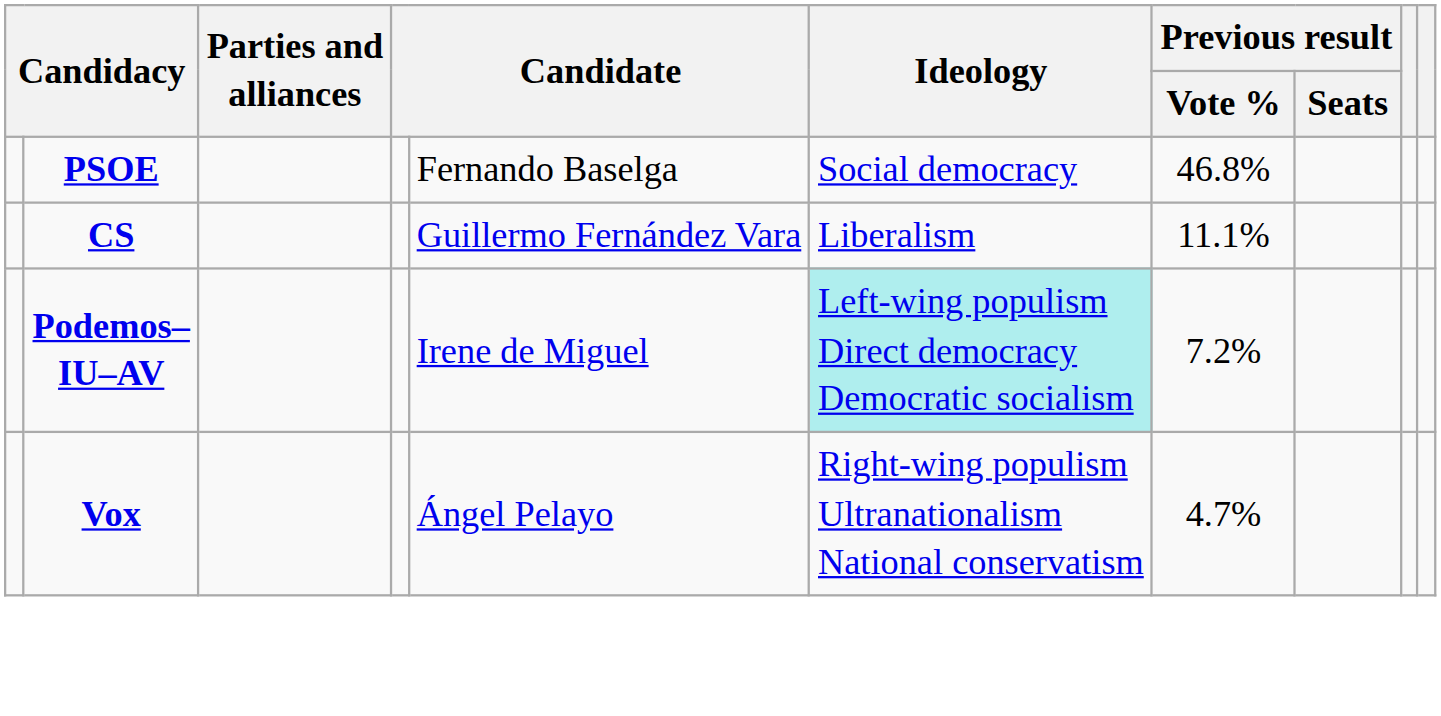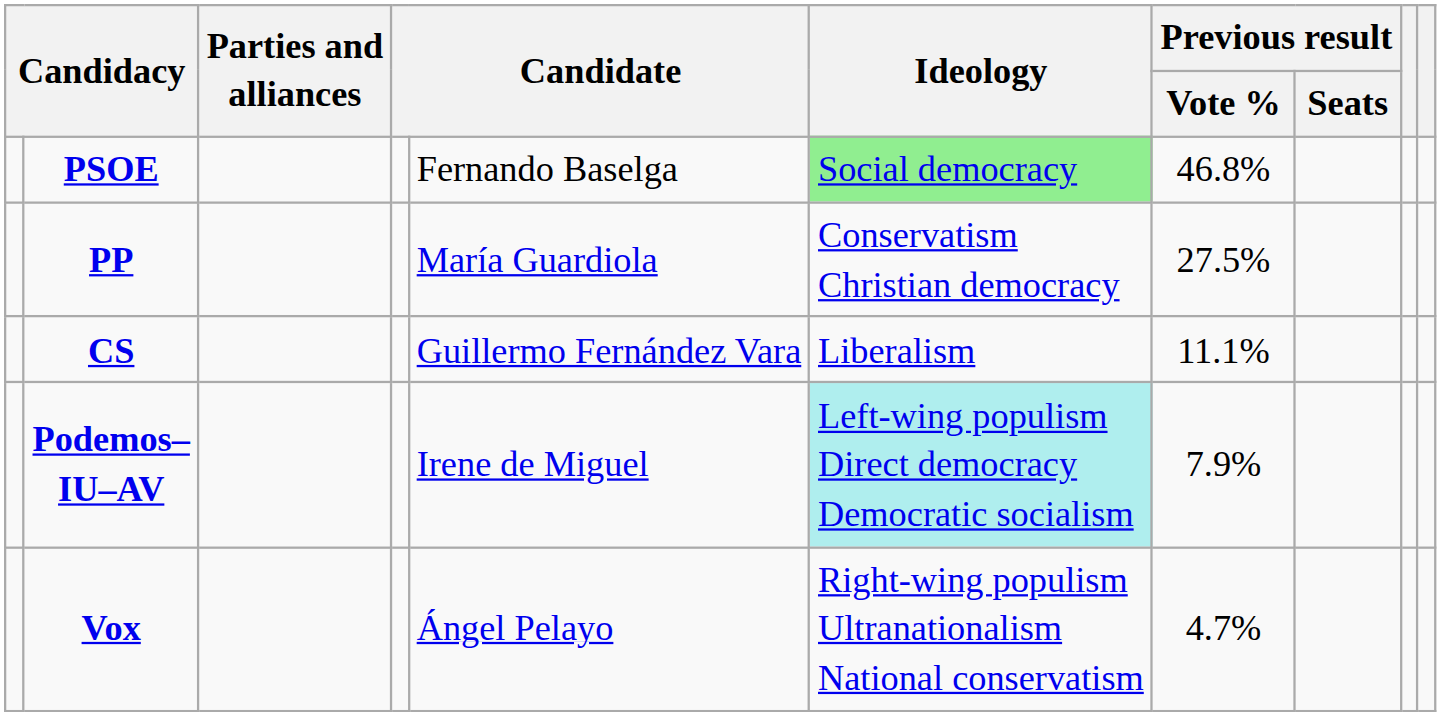 <table class="wikitable" style="line-height:1.35em; text-align:left;">
 <tr>
 <th colspan="2" rowspan="2">Candidacy</th>
 <th rowspan="2">Parties and<br>alliances</th>
 <th colspan="2" rowspan="2">Candidate</th>
 <th rowspan="2">Ideology</th>
 <th colspan="2">Previous result</th>
 <th rowspan="2"></th>
 <th rowspan="2"></th>
 </tr>
 <tr>
 <th>Vote %</th>
 <th>Seats</th>
 </tr>
 <tr>
 <td width="1" style="color:inherit;background:"></td>
 <td align="center"><strong><a href='#'>PSOE</a></strong></td>
 <td></td>
 <td></td>
 <td>Fernando Baselga</td>
-<td><a href='#'>Social democracy</a></td>
+<td style="background: lightgreen;"><a href='#'>Social democracy</a></td>
 <td align="center">46.8%</td>
 <td></td>
 <td></td>
 <td></td>
+</tr>
+<tr>
+<td style="color:inherit;background:"></td>
+<td align="center"><strong><a href='#'>PP</a></strong></td>
+<td></td>
+<td></td>
+<td><a href='#'>María Guardiola</a></td>
+<td><a href='#'>Conservatism</a><br><a href='#'>Christian democracy</a></td>
+<td align="center">27.5%</td>
+<td></td>
+<td></td>
+<td><br></td>
 </tr>
 <tr>
 <td style="color:inherit;background:"></td>
 <td align="center"><strong><a href='#'>CS</a></strong></td>
 <td></td>
 <td></td>
 <td><a href='#'>Guillermo Fernández Vara</a></td>
 <td><a href='#'>Liberalism</a></td>
 <td align="center">11.1%</td>
 <td></td>
 <td></td>
 <td><br></td>
 </tr>
 <tr>
 <td style="color:inherit;background:"></td>
 <td align="center"><strong><a href='#'>Podemos–<br>IU–AV</a></strong></td>
 <td></td>
 <td></td>
 <td><a href='#'>Irene de Miguel</a></td>
 <td style="background: paleturquoise;"><a href='#'>Left-wing populism</a><br><a href='#'>Direct democracy</a><br><a href='#'>Democratic socialism</a></td>
-<td align="center">7.2%</td>
+<td align="center">7.9%</td>
 <td></td>
 <td></td>
 <td></td>
 </tr>
 <tr>
 <td style="color:inherit;background:"></td>
 <td align="center"><strong><a href='#'>Vox</a></strong></td>
 <td></td>
 <td></td>
 <td><a href='#'>Ángel Pelayo</a></td>
 <td><a href='#'>Right-wing populism</a><br><a href='#'>Ultranationalism</a><br><a href='#'>National conservatism</a></td>
 <td align="center">4.7%</td>
 <td></td>
 <td></td>
 <td></td>
 </tr>
 </table>
